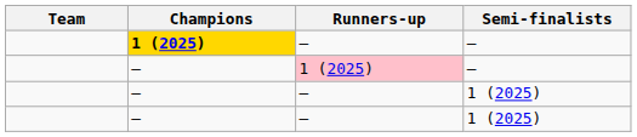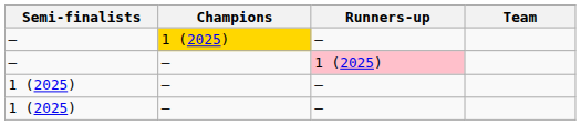 <table class="wikitable">
 <tr>
-<th width=16%>Team</th>
+<th width=22%>Semi-finalists</th>
 <th width=22%>Champions</th>
 <th width=22%>Runners-up</th>
-<th width=22%>Semi-finalists</th>
+<th width=16%>Team</th>
 </tr>
 <tr>
+<td>–</td>
+<td bgcolor=gold>1 (<a href='#'>2025</a>)</td>
+<td>–</td>
 <td></td>
-<td bgcolor=gold><strong>1 (<a href='#'>2025</a>)</strong></td>
+</tr>
+<tr>
 <td>–</td>
 <td>–</td>
+<td style="background: pink;">1 (<a href='#'>2025</a>)</td>
+<td></td>
 </tr>
 <tr>
+<td>1 (<a href='#'>2025</a>)</td>
+<td>–</td>
+<td>–</td>
 <td></td>
-<td>–</td>
-<td style="background: pink;">1 (<a href='#'>2025</a>)</td>
-<td>–</td>
 </tr>
 <tr>
-<td></td>
+<td>1 (<a href='#'>2025</a>)</td>
 <td>–</td>
 <td>–</td>
-<td>1 (<a href='#'>2025</a>)</td>
-</tr>
-<tr>
 <td></td>
-<td>–</td>
-<td>–</td>
-<td>1 (<a href='#'>2025</a>)</td>
 </tr>
 </table>
